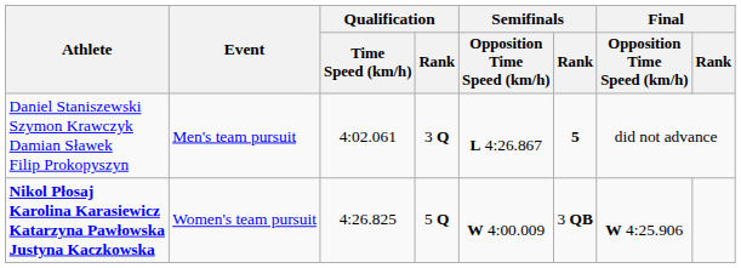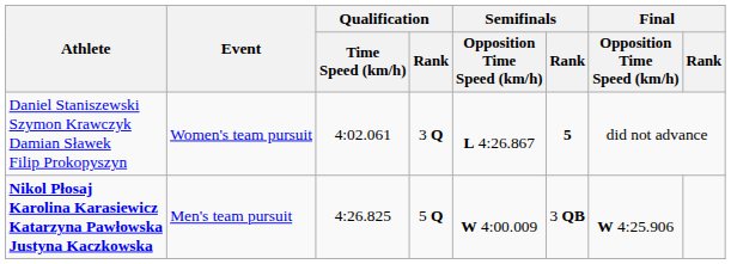 <table class="wikitable" style="font-size:90%">
 <tr>
 <th rowspan="2">Athlete</th>
 <th rowspan="2">Event</th>
 <th colspan=2>Qualification</th>
 <th colspan=2>Semifinals</th>
 <th colspan=2>Final</th>
 </tr>
 <tr style="font-size:95%">
 <th>Time<br>Speed (km/h)</th>
 <th>Rank</th>
 <th>Opposition<br>Time<br>Speed (km/h)</th>
 <th>Rank</th>
 <th>Opposition<br>Time<br>Speed (km/h)</th>
 <th>Rank</th>
 </tr>
 <tr align=center>
 <td align=left><a href='#'>Daniel Staniszewski</a><br><a href='#'>Szymon Krawczyk</a><br><a href='#'>Damian Sławek</a><br><a href='#'>Filip Prokopyszyn</a></td>
-<td align=left><a href='#'>Men's team pursuit</a></td>
+<td align=left><a href='#'>Women's team pursuit</a></td>
 <td>4:02.061</td>
 <td>3 <strong>Q</strong></td>
 <td><br><strong>L</strong> 4:26.867</td>
 <td><strong>5</strong></td>
 <td colspan=2>did not advance</td>
 </tr>
 <tr align=center>
 <td align=left><strong><a href='#'>Nikol Płosaj</a><br><a href='#'>Karolina Karasiewicz</a><br><a href='#'>Katarzyna Pawłowska</a><br><a href='#'>Justyna Kaczkowska</a></strong></td>
-<td align=left><a href='#'>Women's team pursuit</a></td>
+<td align=left><a href='#'>Men's team pursuit</a></td>
 <td>4:26.825</td>
 <td>5 <strong>Q</strong></td>
 <td><br><strong>W</strong> 4:00.009</td>
 <td>3 <strong>QB</strong></td>
 <td><br><strong>W</strong> 4:25.906</td>
 <td></td>
 </tr>
 </table>
